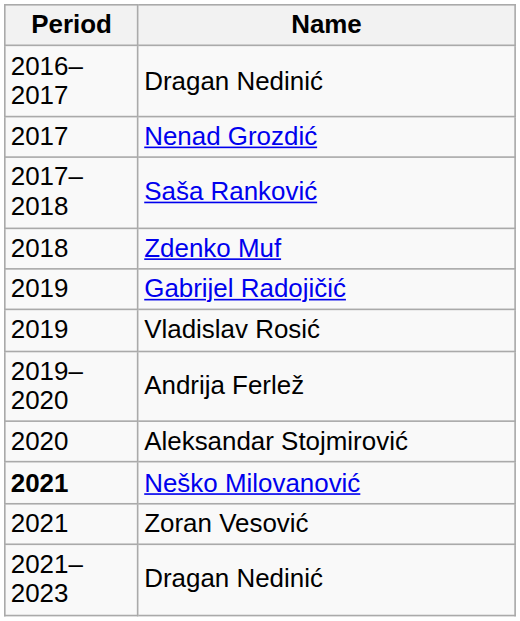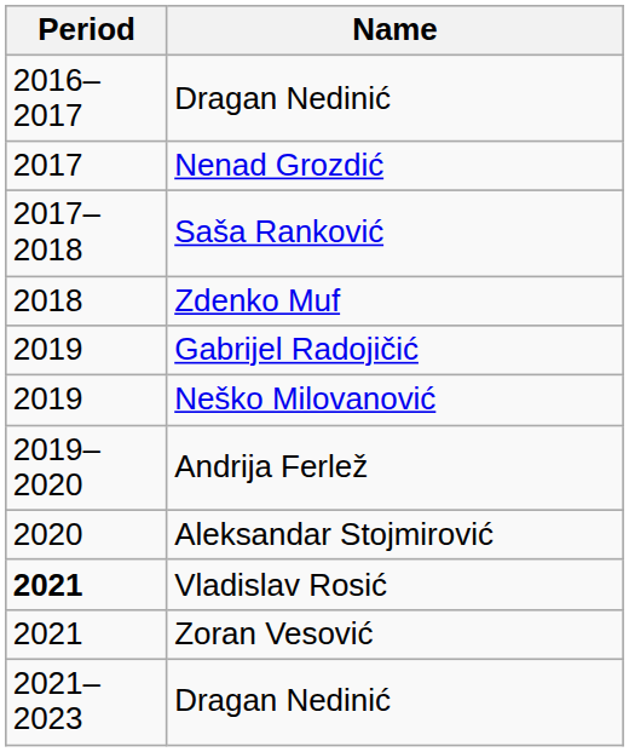 <table class="wikitable">
 <tr>
 <th width="75">Period</th>
 <th width="225">Name</th>
 </tr>
 <tr>
 <td>2016–2017</td>
 <td> Dragan Nedinić</td>
 </tr>
 <tr>
 <td>2017</td>
 <td> <a href='#'>Nenad Grozdić</a></td>
 </tr>
 <tr>
 <td>2017–2018</td>
 <td> <a href='#'>Saša Ranković</a></td>
 </tr>
 <tr>
 <td>2018</td>
 <td> <a href='#'>Zdenko Muf</a></td>
 </tr>
 <tr>
 <td>2019</td>
 <td> <a href='#'>Gabrijel Radojičić</a></td>
 </tr>
 <tr>
 <td>2019</td>
-<td> Vladislav Rosić</td>
+<td> <a href='#'>Neško Milovanović</a></td>
 </tr>
 <tr>
 <td>2019–2020</td>
 <td> Andrija Ferlež</td>
 </tr>
 <tr>
 <td>2020</td>
 <td> Aleksandar Stojmirović</td>
 </tr>
 <tr>
 <td><strong>2021</strong></td>
-<td> <a href='#'>Neško Milovanović</a></td>
+<td> Vladislav Rosić</td>
 </tr>
 <tr>
 <td>2021</td>
 <td> Zoran Vesović</td>
 </tr>
 <tr>
 <td>2021–2023</td>
 <td> Dragan Nedinić</td>
 </tr>
 </table>
